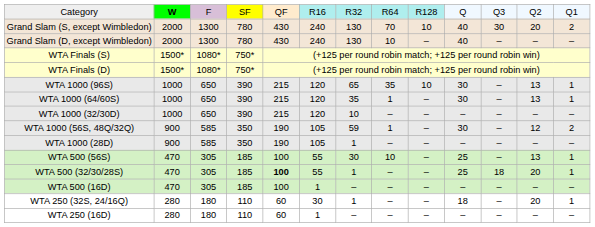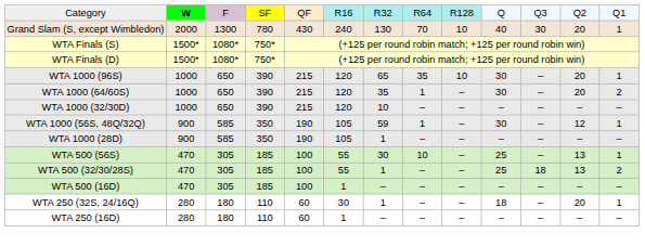 <table class="wikitable" style=text-align:center;font-size:90%>
 <tr>
 <td style="background:#efefef;">Category</td>
 <td style="width:50px; background:lime;"><strong>W</strong></td>
 <td style="width:50px; background:thistle;">F</td>
 <td style="width:50px; background:#ff0;">SF</td>
 <td style="width:50px; background:#ffebcd;">QF</td>
 <td style="width:50px; background:#afeeee;">R16</td>
 <td style="width:50px; background:#afeeee;">R32</td>
 <td style="width:50px; background:#afeeee;">R64</td>
 <td style="width:50px; background:#afeeee;">R128</td>
 <td style="width:50px; background:#f0f8ff;">Q</td>
 <td style="width:50px; background:#f0f8ff;">Q3</td>
 <td style="width:50px; background:#f0f8ff;">Q2</td>
 <td style="width:50px; background:#f0f8ff;">Q1</td>
 </tr>
 <tr style="background:#F3E6D7;">
 <td>Grand Slam (S, except Wimbledon)</td>
 <td>2000</td>
 <td>1300</td>
 <td>780</td>
 <td>430</td>
 <td>240</td>
 <td>130</td>
 <td>70</td>
 <td>10</td>
 <td>40</td>
 <td>30</td>
 <td>20</td>
-<td>2</td>
-</tr>
-<tr style="background:#F3E6D7;">
-<td>Grand Slam (D, except Wimbledon)</td>
-<td>2000</td>
-<td>1300</td>
-<td>780</td>
-<td>430</td>
-<td>240</td>
-<td>130</td>
-<td>10</td>
-<td>–</td>
-<td>40</td>
-<td>–</td>
-<td>–</td>
-<td>–</td>
+<td>1</td>
 </tr>
 <tr style="background:#ffc;">
 <td>WTA Finals (S)</td>
 <td>1500*</td>
 <td>1080*</td>
 <td>750*</td>
 <td colspan="9" style="text-align:center">(+125 per round robin match; +125 per round robin win)</td>
 </tr>
 <tr style="background:#ffc;">
 <td>WTA Finals (D)</td>
 <td>1500*</td>
 <td>1080*</td>
 <td>750*</td>
 <td colspan="9" style="text-align:center">(+125 per round robin match; +125 per round robin win)</td>
 </tr>
 <tr style="background:#e9e9e9;">
 <td>WTA 1000 (96S)</td>
 <td>1000</td>
 <td>650</td>
 <td>390</td>
 <td>215</td>
 <td>120</td>
 <td>65</td>
 <td>35</td>
 <td>10</td>
 <td>30</td>
 <td>–</td>
-<td>13</td>
+<td>20</td>
 <td>1</td>
 </tr>
 <tr style="background:#e9e9e9;">
 <td>WTA 1000 (64/60S)</td>
 <td>1000</td>
 <td>650</td>
 <td>390</td>
 <td>215</td>
 <td>120</td>
 <td>35</td>
 <td>1</td>
 <td>–</td>
 <td>30</td>
 <td>–</td>
-<td>13</td>
-<td>1</td>
+<td>20</td>
+<td>2</td>
 </tr>
 <tr style="background:#e9e9e9;">
 <td>WTA 1000 (32/30D)</td>
 <td>1000</td>
 <td>650</td>
 <td>390</td>
 <td>215</td>
 <td>120</td>
 <td>10</td>
 <td>–</td>
 <td>–</td>
 <td>–</td>
 <td>–</td>
 <td>–</td>
 <td>–</td>
 </tr>
 <tr style="background:#E9E9E9;">
 <td>WTA 1000 (56S, 48Q/32Q)</td>
 <td>900</td>
 <td>585</td>
 <td>350</td>
 <td>190</td>
 <td>105</td>
 <td>59</td>
 <td>1</td>
 <td>–</td>
 <td>30</td>
 <td>–</td>
 <td>12</td>
-<td>2</td>
+<td>1</td>
 </tr>
 <tr style="background:#E9E9E9;">
 <td>WTA 1000 (28D)</td>
 <td>900</td>
 <td>585</td>
 <td>350</td>
 <td>190</td>
 <td>105</td>
 <td>1</td>
 <td>–</td>
 <td>–</td>
 <td>–</td>
 <td>–</td>
 <td>–</td>
 <td>–</td>
 </tr>
 <tr style="background:#D4F1C5;">
 <td>WTA 500 (56S)</td>
 <td>470</td>
 <td>305</td>
 <td>185</td>
 <td>100</td>
 <td>55</td>
 <td>30</td>
 <td>10</td>
 <td>–</td>
 <td>25</td>
 <td>–</td>
 <td>13</td>
 <td>1</td>
 </tr>
 <tr style="background:#D4F1C5;">
 <td>WTA 500 (32/30/28S)</td>
 <td>470</td>
 <td>305</td>
 <td>185</td>
-<td><strong>100</strong></td>
+<td>100</td>
 <td>55</td>
 <td>1</td>
 <td>–</td>
 <td>–</td>
 <td>25</td>
 <td>18</td>
-<td>20</td>
-<td>1</td>
+<td>13</td>
+<td>2</td>
 </tr>
 <tr style="background:#D4F1C5;">
 <td>WTA 500 (16D)</td>
 <td>470</td>
 <td>305</td>
 <td>185</td>
 <td>100</td>
 <td>1</td>
 <td>–</td>
 <td>–</td>
 <td>–</td>
 <td>–</td>
 <td>–</td>
 <td>–</td>
 <td>–</td>
 </tr>
 <tr style="background:#fff;">
 <td>WTA 250 (32S, 24/16Q)</td>
 <td>280</td>
 <td>180</td>
 <td>110</td>
 <td>60</td>
 <td>30</td>
 <td>1</td>
 <td>–</td>
 <td>–</td>
 <td>18</td>
 <td>–</td>
 <td>20</td>
 <td>1</td>
 </tr>
 <tr style="background:#fff;">
 <td>WTA 250 (16D)</td>
 <td>280</td>
 <td>180</td>
 <td>110</td>
 <td>60</td>
 <td>1</td>
 <td>–</td>
 <td>–</td>
 <td>–</td>
 <td>–</td>
 <td>–</td>
 <td>–</td>
 <td>–</td>
 </tr>
 </table>
